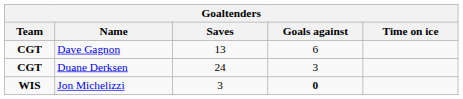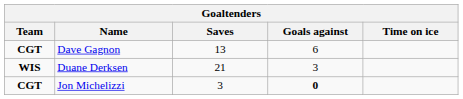 <table class="wikitable" style="width:40em; text-align:right;">
 <tr>
 <th colspan=5>Goaltenders</th>
 </tr>
 <tr>
 <th style="width:4em;">Team</th>
 <th style="width:10em;">Name</th>
 <th style="width:8em;">Saves</th>
 <th style="width:8em;">Goals against</th>
 <th style="width:8em;">Time on ice</th>
 </tr>
 <tr>
 <td align=center><strong>CGT</strong></td>
 <td style="text-align:left;"><a href='#'>Dave Gagnon</a></td>
 <td align=center>13</td>
 <td align=center>6</td>
 <td align=center></td>
 </tr>
 <tr>
-<td align=center><strong>CGT</strong></td>
+<td align=center><strong>WIS</strong></td>
 <td style="text-align:left;"><a href='#'>Duane Derksen</a></td>
-<td align=center>24</td>
+<td align=center>21</td>
 <td align=center>3</td>
 <td align=center></td>
 </tr>
 <tr>
-<td align=center><strong>WIS</strong></td>
+<td align=center><strong>CGT</strong></td>
 <td style="text-align:left;"><a href='#'>Jon Michelizzi</a></td>
 <td align=center>3</td>
 <td align=center><strong>0</strong></td>
 <td align=center></td>
 </tr>
 </table>
